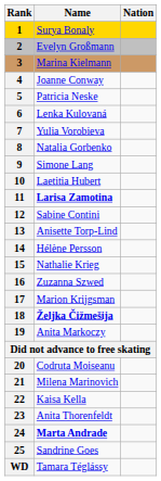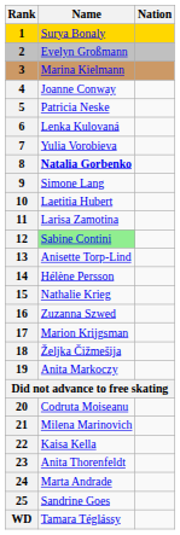 <table class="wikitable">
 <tr>
 <th>Rank</th>
 <th>Name</th>
 <th>Nation</th>
 </tr>
 <tr bgcolor="gold">
 <td align="center"><strong>1</strong></td>
 <td><a href='#'>Surya Bonaly</a></td>
 <td></td>
 </tr>
 <tr bgcolor="silver">
 <td align="center"><strong>2</strong></td>
 <td><a href='#'>Evelyn Großmann</a></td>
 <td></td>
 </tr>
 <tr bgcolor="cc9966">
 <td align="center"><strong>3</strong></td>
 <td><a href='#'>Marina Kielmann</a></td>
 <td></td>
 </tr>
 <tr>
 <th>4</th>
 <td><a href='#'>Joanne Conway</a></td>
 <td></td>
 </tr>
 <tr>
 <th>5</th>
 <td><a href='#'>Patricia Neske</a></td>
 <td></td>
 </tr>
 <tr>
 <th>6</th>
 <td><a href='#'>Lenka Kulovaná</a></td>
 <td></td>
 </tr>
 <tr>
 <th>7</th>
 <td><a href='#'>Yulia Vorobieva</a></td>
 <td></td>
 </tr>
 <tr>
 <th>8</th>
-<td><a href='#'>Natalia Gorbenko</a></td>
+<td><strong><a href='#'>Natalia Gorbenko</a></strong></td>
 <td></td>
 </tr>
 <tr>
 <th>9</th>
 <td><a href='#'>Simone Lang</a></td>
 <td></td>
 </tr>
 <tr>
 <th>10</th>
 <td><a href='#'>Laetitia Hubert</a></td>
 <td></td>
 </tr>
 <tr>
 <th>11</th>
-<td><strong><a href='#'>Larisa Zamotina</a></strong></td>
+<td><a href='#'>Larisa Zamotina</a></td>
 <td></td>
 </tr>
 <tr>
 <th>12</th>
-<td><a href='#'>Sabine Contini</a></td>
+<td style="background: lightgreen;"><a href='#'>Sabine Contini</a></td>
 <td></td>
 </tr>
 <tr>
 <th>13</th>
 <td><a href='#'>Anisette Torp-Lind</a></td>
 <td></td>
 </tr>
 <tr>
 <th>14</th>
 <td><a href='#'>Hélène Persson</a></td>
 <td></td>
 </tr>
 <tr>
 <th>15</th>
 <td><a href='#'>Nathalie Krieg</a></td>
 <td></td>
 </tr>
 <tr>
 <th>16</th>
 <td><a href='#'>Zuzanna Szwed</a></td>
 <td></td>
 </tr>
 <tr>
 <th>17</th>
 <td><a href='#'>Marion Krijgsman</a></td>
 <td></td>
 </tr>
 <tr>
 <th>18</th>
-<td><strong><a href='#'>Željka Čižmešija</a></strong></td>
+<td><a href='#'>Željka Čižmešija</a></td>
 <td></td>
 </tr>
 <tr>
 <th>19</th>
 <td><a href='#'>Anita Markoczy</a></td>
 <td></td>
 </tr>
 <tr>
 <th colspan=3>Did not advance to free skating</th>
 </tr>
 <tr>
 <th>20</th>
 <td><a href='#'>Codruta Moiseanu</a></td>
 <td></td>
 </tr>
 <tr>
 <th>21</th>
 <td><a href='#'>Milena Marinovich</a></td>
 <td></td>
 </tr>
 <tr>
 <th>22</th>
 <td><a href='#'>Kaisa Kella</a></td>
 <td></td>
 </tr>
 <tr>
 <th>23</th>
 <td><a href='#'>Anita Thorenfeldt</a></td>
 <td></td>
 </tr>
 <tr>
 <th>24</th>
-<td><strong><a href='#'>Marta Andrade</a></strong></td>
+<td><a href='#'>Marta Andrade</a></td>
 <td></td>
 </tr>
 <tr>
 <th>25</th>
 <td><a href='#'>Sandrine Goes</a></td>
 <td></td>
 </tr>
 <tr>
 <th>WD</th>
 <td><a href='#'>Tamara Téglássy</a></td>
 <td></td>
 </tr>
 </table>
